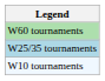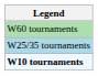 <table class=wikitable style="font-size:85%">
 <tr>
 <th>Legend</th>
 </tr>
 <tr style="background:#addfad;">
 <td>W60 tournaments</td>
 </tr>
 <tr style="background:lightblue;">
 <td>W25/35 tournaments</td>
 </tr>
 <tr style="background:#f0f8ff;">
-<td>W10 tournaments</td>
+<td><strong>W10 tournaments</strong></td>
 </tr>
 </table>
